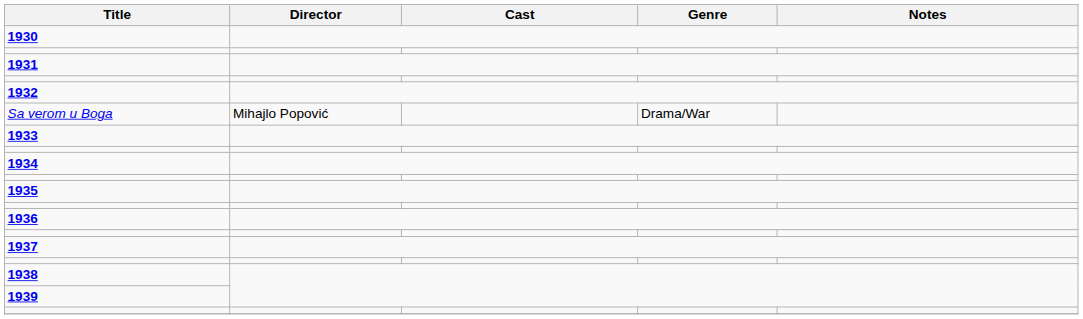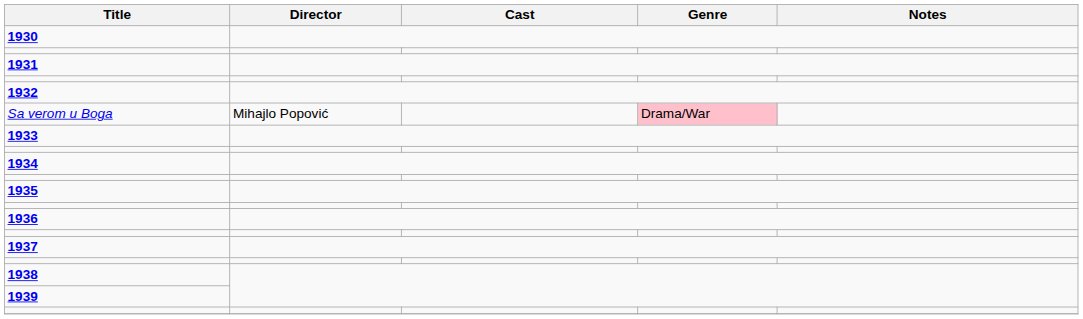 <table class="wikitable" style="width:100%;">
 <tr>
 <th style="width:21%;">Title</th>
 <th style="width:16%;">Director</th>
 <th style="width:22%;">Cast</th>
 <th style="width:13%;">Genre</th>
 <th style="width:28%;">Notes</th>
 </tr>
 <tr>
 <td><strong><a href='#'>1930</a></strong></td>
 </tr>
 <tr>
 <td></td>
 <td></td>
 <td></td>
 <td></td>
 <td></td>
 </tr>
 <tr>
 <td><strong><a href='#'>1931</a></strong></td>
 </tr>
 <tr>
 <td></td>
 <td></td>
 <td></td>
 <td></td>
 <td></td>
 </tr>
 <tr>
 <td><strong><a href='#'>1932</a></strong></td>
 </tr>
 <tr>
 <td><em><a href='#'>Sa verom u Boga</a></em></td>
 <td>Mihajlo Popović</td>
 <td></td>
-<td>Drama/War</td>
+<td style="background: pink;">Drama/War</td>
 <td></td>
 </tr>
 <tr>
 <td><strong><a href='#'>1933</a></strong></td>
 </tr>
 <tr>
 <td></td>
 <td></td>
 <td></td>
 <td></td>
 <td></td>
 </tr>
 <tr>
 <td><strong><a href='#'>1934</a></strong></td>
 </tr>
 <tr>
 <td></td>
 <td></td>
 <td></td>
 <td></td>
 <td></td>
 </tr>
 <tr>
 <td><strong><a href='#'>1935</a></strong></td>
 </tr>
 <tr>
 <td></td>
 <td></td>
 <td></td>
 <td></td>
 <td></td>
 </tr>
 <tr>
 <td><strong><a href='#'>1936</a></strong></td>
 </tr>
 <tr>
 <td></td>
 <td></td>
 <td></td>
 <td></td>
 <td></td>
 </tr>
 <tr>
 <td><strong><a href='#'>1937</a></strong></td>
 </tr>
 <tr>
 <td></td>
 <td></td>
 <td></td>
 <td></td>
 <td></td>
 </tr>
 <tr>
 <td><strong><a href='#'>1938</a></strong></td>
 </tr>
 <tr>
 <td><strong><a href='#'>1939</a></strong></td>
 </tr>
 <tr>
 <td></td>
 <td></td>
 <td></td>
 <td></td>
 <td></td>
 </tr>
 <tr>
 </tr>
 </table>
